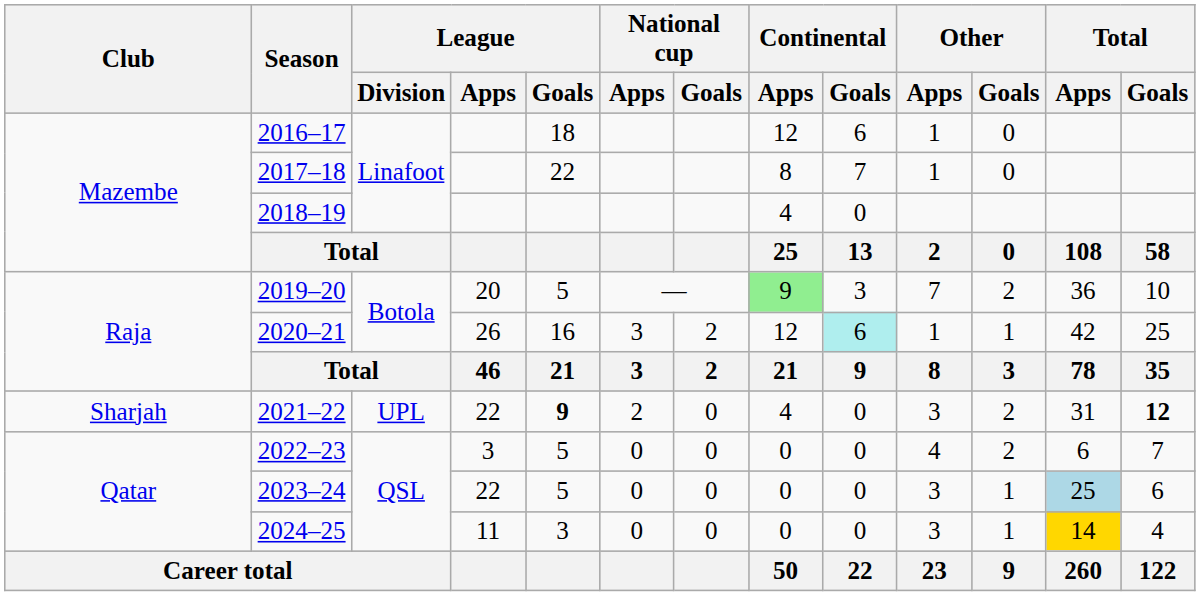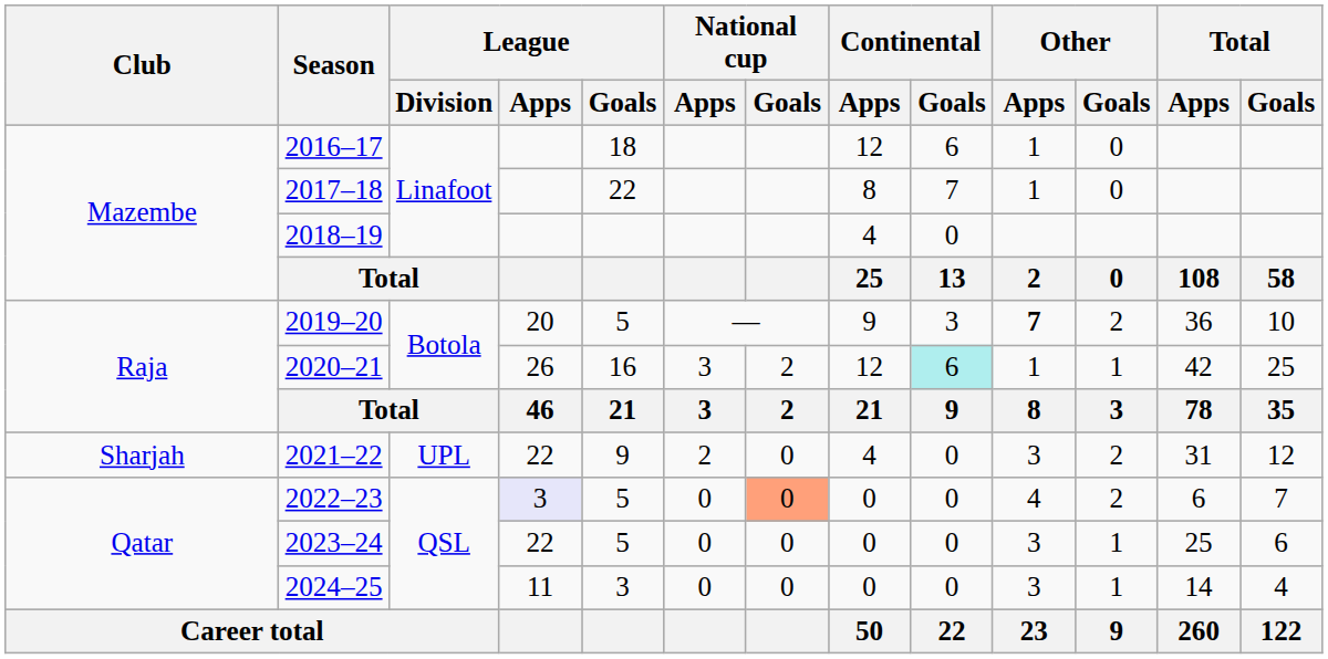 <table class="wikitable" style="text-align:center">
 <tr>
 <th rowspan="2" width="150">Club</th>
 <th rowspan="2">Season</th>
 <th colspan="3">League</th>
 <th colspan="2">National cup</th>
 <th colspan="2">Continental</th>
 <th colspan="2">Other</th>
 <th colspan="2">Total</th>
 </tr>
 <tr>
 <th>Division</th>
 <th width="40">Apps</th>
 <th width="40">Goals</th>
 <th width="40">Apps</th>
 <th width="40">Goals</th>
 <th width="40">Apps</th>
 <th width="40">Goals</th>
 <th width="40">Apps</th>
 <th width="40">Goals</th>
 <th width="40">Apps</th>
 <th width="40">Goals</th>
 </tr>
 <tr>
 <td rowspan="4"><a href='#'>Mazembe</a></td>
 <td><a href='#'>2016–17</a></td>
 <td rowspan="3"><a href='#'>Linafoot</a></td>
 <td></td>
 <td>18</td>
 <td></td>
 <td></td>
 <td>12</td>
 <td>6</td>
 <td>1</td>
 <td>0</td>
 <td></td>
 <td></td>
 </tr>
 <tr>
 <td><a href='#'>2017–18</a></td>
 <td></td>
 <td>22</td>
 <td></td>
 <td></td>
 <td>8</td>
 <td>7</td>
 <td>1</td>
 <td>0</td>
 <td></td>
 <td></td>
 </tr>
 <tr>
 <td><a href='#'>2018–19</a></td>
 <td></td>
 <td></td>
 <td></td>
 <td></td>
 <td>4</td>
 <td>0</td>
 <td></td>
 <td></td>
 <td></td>
 <td></td>
 </tr>
 <tr>
 <th colspan="2">Total</th>
 <th></th>
 <th></th>
 <th></th>
 <th></th>
 <th>25</th>
 <th>13</th>
 <th>2</th>
 <th>0</th>
 <th>108</th>
 <th>58</th>
 </tr>
 <tr>
 <td rowspan="3"><a href='#'>Raja</a></td>
 <td><a href='#'>2019–20</a></td>
 <td rowspan="2"><a href='#'>Botola</a></td>
 <td>20</td>
 <td>5</td>
 <td colspan="2">—</td>
-<td style="background: lightgreen;">9</td>
+<td>9</td>
 <td>3</td>
-<td>7</td>
+<td><strong>7</strong></td>
 <td>2</td>
 <td>36</td>
 <td>10</td>
 </tr>
 <tr>
 <td><a href='#'>2020–21</a></td>
 <td>26</td>
 <td>16</td>
 <td>3</td>
 <td>2</td>
 <td>12</td>
 <td style="background: paleturquoise;">6</td>
 <td>1</td>
 <td>1</td>
 <td>42</td>
 <td>25</td>
 </tr>
 <tr>
 <th colspan="2">Total</th>
 <th>46</th>
 <th>21</th>
 <th>3</th>
 <th>2</th>
 <th>21</th>
 <th>9</th>
 <th>8</th>
 <th>3</th>
 <th>78</th>
 <th>35</th>
 </tr>
 <tr>
 <td><a href='#'>Sharjah</a></td>
 <td><a href='#'>2021–22</a></td>
 <td><a href='#'>UPL</a></td>
 <td>22</td>
-<td><strong>9</strong></td>
+<td>9</td>
 <td>2</td>
 <td>0</td>
 <td>4</td>
 <td>0</td>
 <td>3</td>
 <td>2</td>
 <td>31</td>
-<td><strong>12</strong></td>
+<td>12</td>
 </tr>
 <tr>
 <td rowspan="3"><a href='#'>Qatar</a></td>
 <td><a href='#'>2022–23</a></td>
 <td rowspan="3"><a href='#'>QSL</a></td>
-<td>3</td>
+<td style="background: lavender;">3</td>
 <td>5</td>
 <td>0</td>
-<td>0</td>
+<td style="background: lightsalmon;">0</td>
 <td>0</td>
 <td>0</td>
 <td>4</td>
 <td>2</td>
 <td>6</td>
 <td>7</td>
 </tr>
 <tr>
 <td><a href='#'>2023–24</a></td>
 <td>22</td>
 <td>5</td>
 <td>0</td>
 <td>0</td>
 <td>0</td>
 <td>0</td>
 <td>3</td>
 <td>1</td>
-<td style="background: lightblue;">25</td>
+<td>25</td>
 <td>6</td>
 </tr>
 <tr>
 <td><a href='#'>2024–25</a></td>
 <td>11</td>
 <td>3</td>
 <td>0</td>
 <td>0</td>
 <td>0</td>
 <td>0</td>
 <td>3</td>
 <td>1</td>
-<td style="background: gold;">14</td>
+<td>14</td>
 <td>4</td>
 </tr>
 <tr>
 <th colspan="3">Career total</th>
 <th></th>
 <th></th>
 <th></th>
 <th></th>
 <th>50</th>
 <th>22</th>
 <th>23</th>
 <th>9</th>
 <th>260</th>
 <th>122</th>
 </tr>
 </table>
